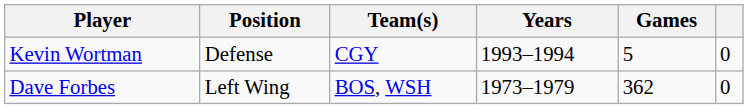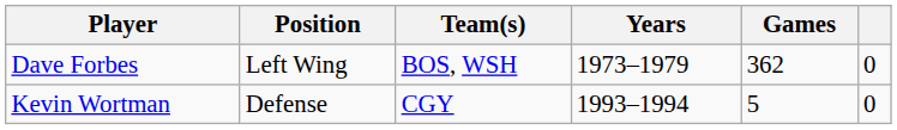 <table class="wikitable sortable" width=45%>
 <tr>
 <th>Player</th>
 <th>Position</th>
 <th>Team(s)</th>
 <th>Years</th>
 <th>Games</th>
 <th><a href='#'></a></th>
 </tr>
 <tr>
+<td><a href='#'>Dave Forbes</a></td>
+<td>Left Wing</td>
+<td><a href='#'>BOS</a>, <a href='#'>WSH</a></td>
+<td>1973–1979</td>
+<td>362</td>
+<td>0</td>
+</tr>
+<tr>
 <td><a href='#'>Kevin Wortman</a></td>
 <td>Defense</td>
 <td><a href='#'>CGY</a></td>
 <td>1993–1994</td>
 <td>5</td>
 <td>0</td>
 </tr>
-<tr>
-<td><a href='#'>Dave Forbes</a></td>
-<td>Left Wing</td>
-<td><a href='#'>BOS</a>, <a href='#'>WSH</a></td>
-<td>1973–1979</td>
-<td>362</td>
-<td>0</td>
-</tr>
 </table>
